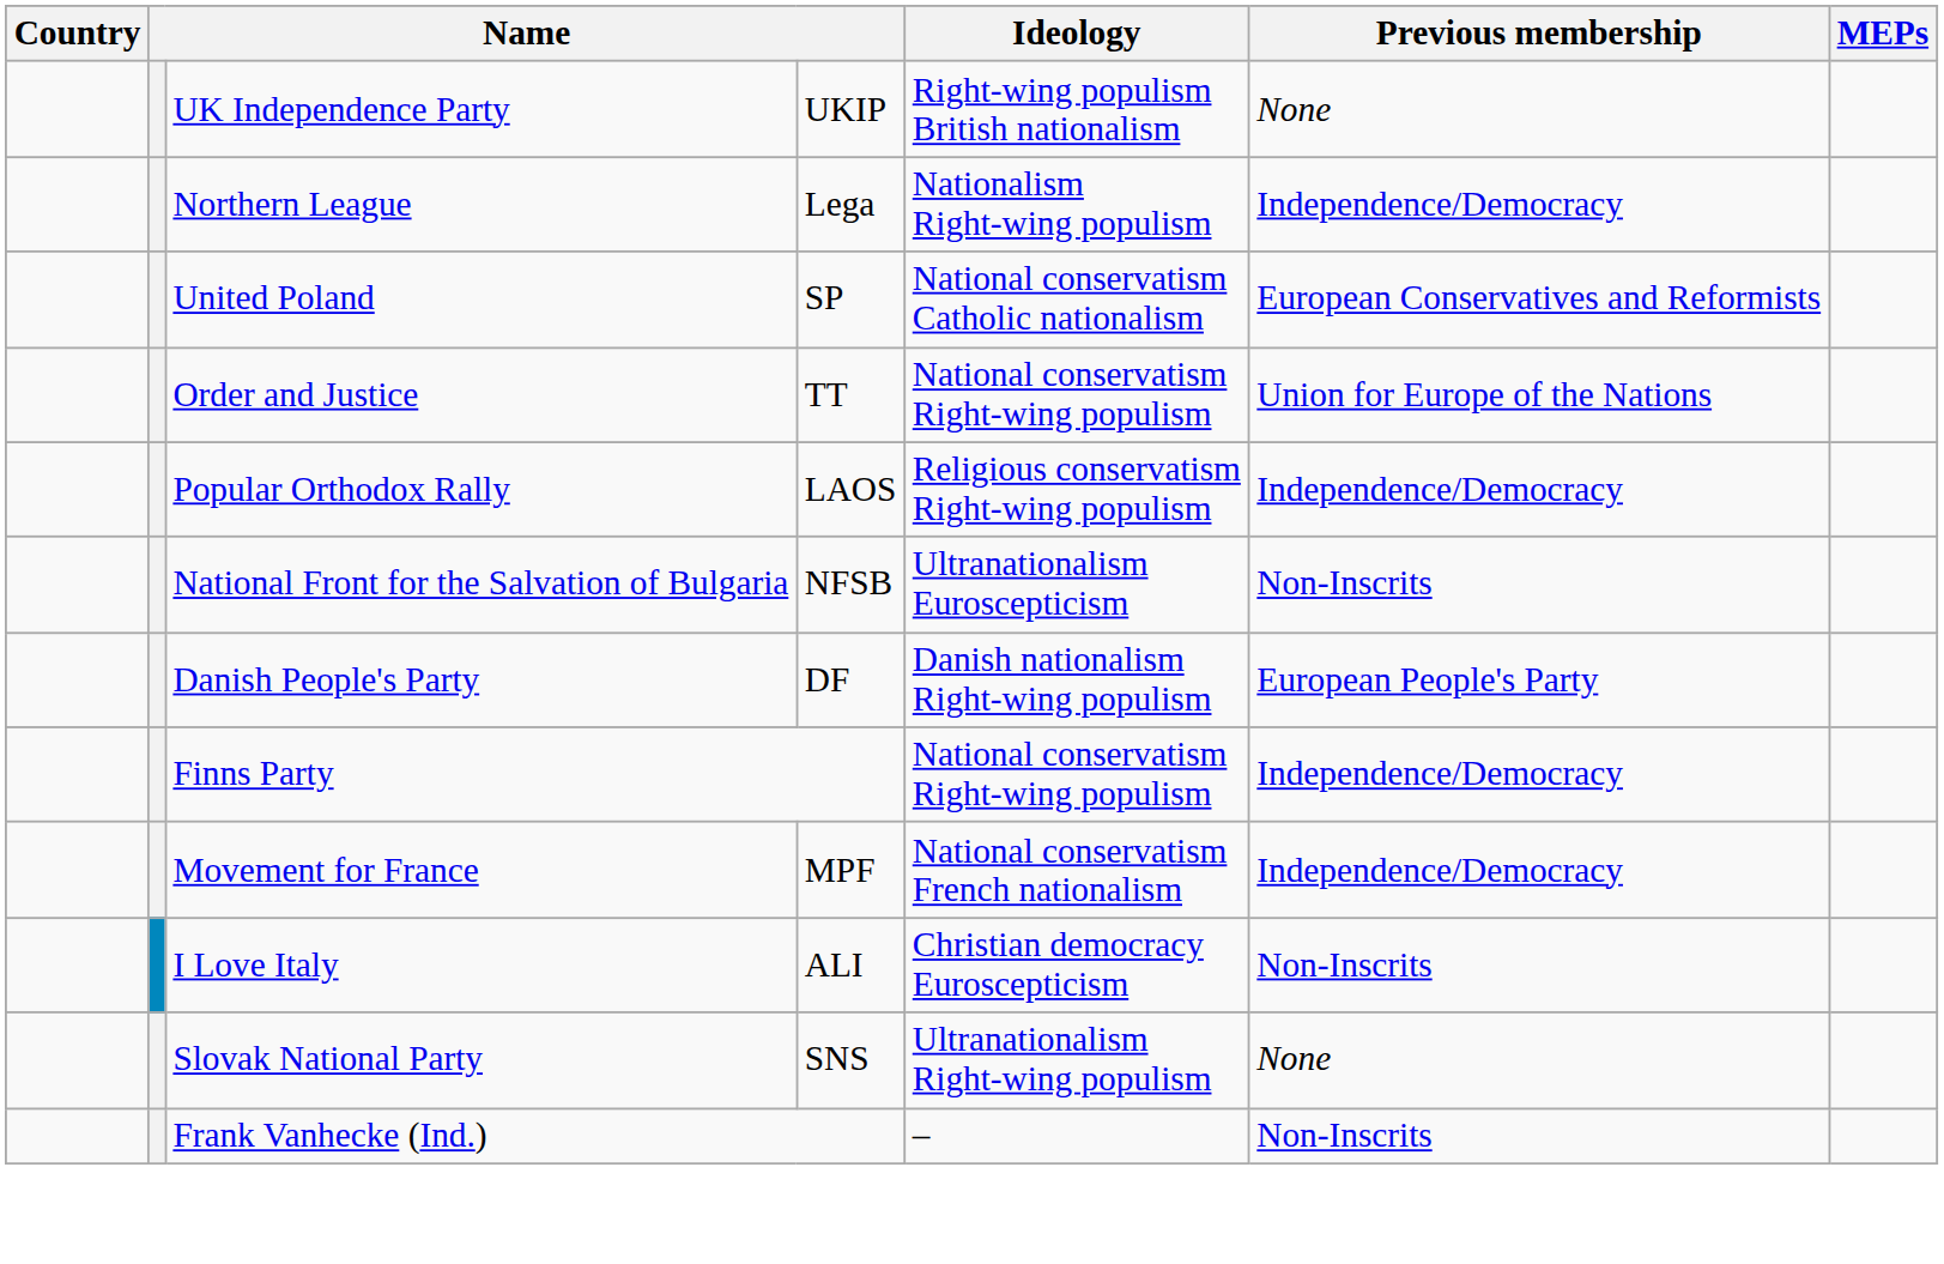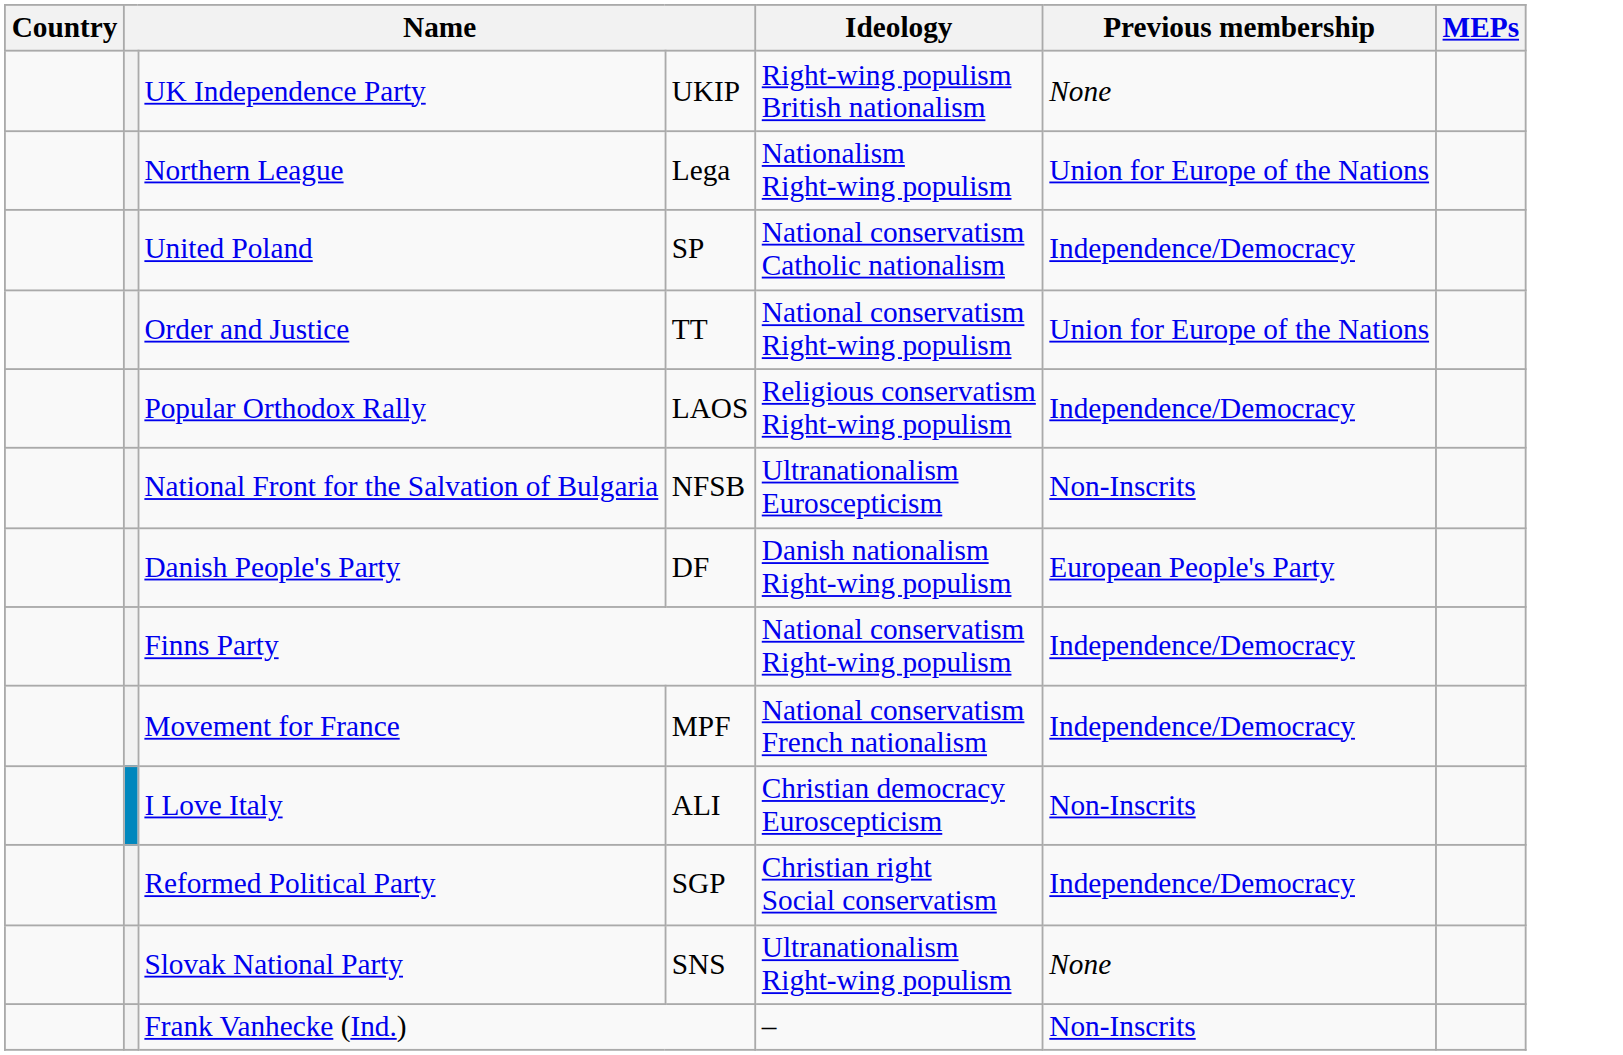 <table class="wikitable">
 <tr>
 <th>Country</th>
 <th colspan="3">Name</th>
 <th>Ideology</th>
 <th>Previous membership</th>
 <th><a href='#'>MEPs</a></th>
 </tr>
 <tr>
 <td></td>
 <th style="background:"></th>
 <td><a href='#'>UK Independence Party</a></td>
 <td>UKIP</td>
 <td><a href='#'>Right-wing populism</a><br><a href='#'>British nationalism</a></td>
 <td><em>None</em></td>
 <td></td>
 </tr>
 <tr>
 <td></td>
 <th style="background:"></th>
 <td><a href='#'>Northern League</a></td>
 <td>Lega</td>
 <td><a href='#'>Nationalism</a><br><a href='#'>Right-wing populism</a></td>
-<td><a href='#'>Independence/Democracy</a></td>
+<td><a href='#'>Union for Europe of the Nations</a></td>
 <td></td>
 </tr>
 <tr>
 <td></td>
 <th style="background:"></th>
 <td><a href='#'>United Poland</a></td>
 <td>SP</td>
 <td><a href='#'>National conservatism</a><br><a href='#'>Catholic nationalism</a></td>
-<td><a href='#'>European Conservatives and Reformists</a></td>
+<td><a href='#'>Independence/Democracy</a></td>
 <td></td>
 </tr>
 <tr>
 <td></td>
 <th style="background:"></th>
 <td><a href='#'>Order and Justice</a></td>
 <td>TT</td>
 <td><a href='#'>National conservatism</a><br><a href='#'>Right-wing populism</a></td>
 <td><a href='#'>Union for Europe of the Nations</a></td>
 <td></td>
 </tr>
 <tr>
 <td></td>
 <th style="background:"></th>
 <td><a href='#'>Popular Orthodox Rally</a></td>
 <td>LAOS</td>
 <td><a href='#'>Religious conservatism</a><br><a href='#'>Right-wing populism</a></td>
 <td><a href='#'>Independence/Democracy</a></td>
 <td></td>
 </tr>
 <tr>
 <td></td>
 <th style="background:"></th>
 <td><a href='#'>National Front for the Salvation of Bulgaria</a></td>
 <td>NFSB</td>
 <td><a href='#'>Ultranationalism</a><br><a href='#'>Euroscepticism</a></td>
 <td><a href='#'>Non-Inscrits</a></td>
 <td></td>
 </tr>
 <tr>
 <td></td>
 <th style="background:"></th>
 <td><a href='#'>Danish People's Party</a></td>
 <td>DF</td>
 <td><a href='#'>Danish nationalism</a><br><a href='#'>Right-wing populism</a></td>
 <td><a href='#'>European People's Party</a></td>
 <td></td>
 </tr>
 <tr>
 <td></td>
 <th style="background:"></th>
 <td colspan="2"><a href='#'>Finns Party</a></td>
 <td><a href='#'>National conservatism</a><br><a href='#'>Right-wing populism</a></td>
 <td><a href='#'>Independence/Democracy</a></td>
 <td></td>
 </tr>
 <tr>
 <td></td>
 <th style="background:"></th>
 <td><a href='#'>Movement for France</a></td>
 <td>MPF</td>
 <td><a href='#'>National conservatism</a><br><a href='#'>French nationalism</a></td>
 <td><a href='#'>Independence/Democracy</a></td>
 <td></td>
 </tr>
 <tr>
 <td></td>
 <th style="background:#0087BD"></th>
 <td><a href='#'>I Love Italy</a></td>
 <td>ALI</td>
 <td><a href='#'>Christian democracy</a><br><a href='#'>Euroscepticism</a></td>
 <td><a href='#'>Non-Inscrits</a></td>
 <td></td>
 </tr>
 <tr>
 <td></td>
 <th style="background:"></th>
+<td><a href='#'>Reformed Political Party</a></td>
+<td>SGP</td>
+<td><a href='#'>Christian right</a><br><a href='#'>Social conservatism</a></td>
+<td><a href='#'>Independence/Democracy</a></td>
+<td></td>
+</tr>
+<tr>
+<td></td>
+<th style="background:"></th>
 <td><a href='#'>Slovak National Party</a></td>
 <td>SNS</td>
 <td><a href='#'>Ultranationalism</a><br><a href='#'>Right-wing populism</a></td>
 <td><em>None</em></td>
 <td></td>
 </tr>
 <tr>
 <td></td>
 <th style="background:"></th>
 <td colspan="2"><a href='#'>Frank Vanhecke</a> (<a href='#'>Ind.</a>)</td>
 <td>–</td>
 <td><a href='#'>Non-Inscrits</a></td>
 <td></td>
 </tr>
 </table>
